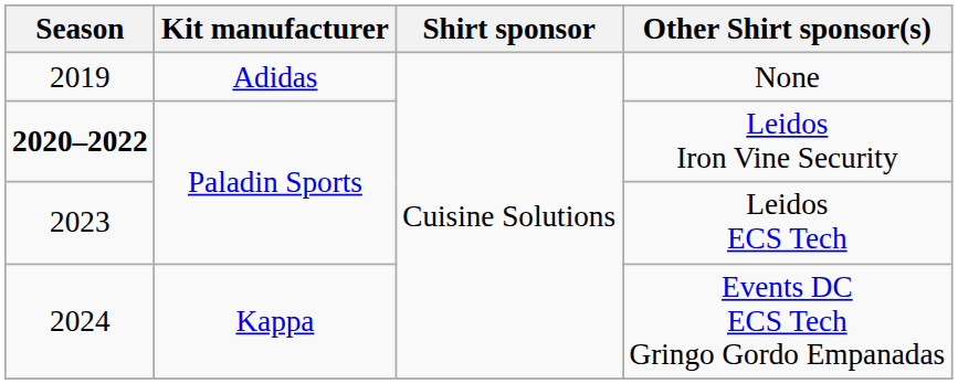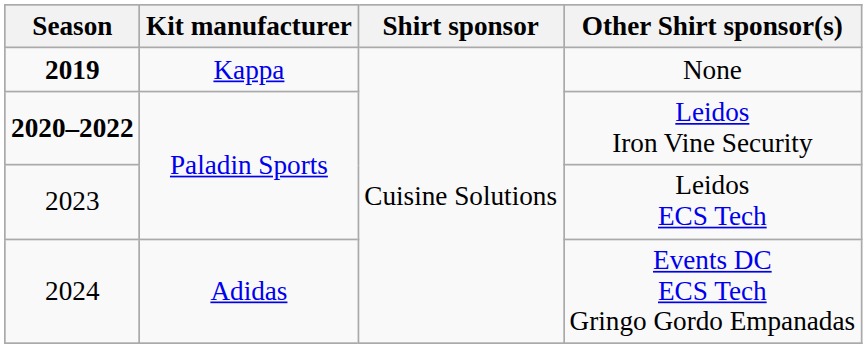 <table class="wikitable" style="text-align: center">
 <tr>
 <th>Season</th>
 <th>Kit manufacturer</th>
 <th>Shirt sponsor</th>
 <th>Other Shirt sponsor(s)</th>
 </tr>
 <tr>
-<td>2019</td>
-<td><a href='#'>Adidas</a></td>
+<td><strong>2019</strong></td>
+<td><a href='#'>Kappa</a></td>
 <td rowspan="4">Cuisine Solutions</td>
 <td>None</td>
 </tr>
 <tr>
 <td><strong>2020–2022</strong></td>
 <td rowspan="2"><a href='#'>Paladin Sports</a></td>
 <td><a href='#'>Leidos</a><br>Iron Vine Security</td>
 </tr>
 <tr>
 <td>2023</td>
 <td>Leidos<br><a href='#'>ECS Tech</a></td>
 </tr>
 <tr>
 <td>2024</td>
-<td><a href='#'>Kappa</a></td>
+<td><a href='#'>Adidas</a></td>
 <td><a href='#'>Events DC</a><br><a href='#'>ECS Tech</a><br>Gringo Gordo Empanadas</td>
 </tr>
 </table>
